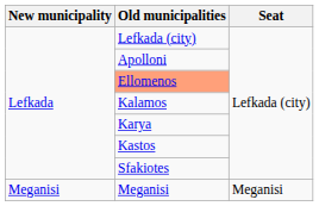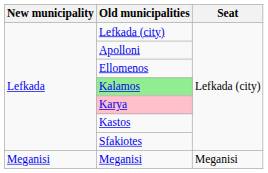 <table class="wikitable">
 <tr>
 <th>New municipality</th>
 <th>Old municipalities</th>
 <th>Seat</th>
 </tr>
 <tr>
 <td rowspan=7><a href='#'>Lefkada</a></td>
 <td><a href='#'>Lefkada (city)</a></td>
 <td rowspan=7>Lefkada (city)</td>
 </tr>
 <tr>
 <td><a href='#'>Apolloni</a></td>
 </tr>
 <tr>
-<td style="background: lightsalmon;"><a href='#'>Ellomenos</a></td>
+<td><a href='#'>Ellomenos</a></td>
 </tr>
 <tr>
-<td><a href='#'>Kalamos</a></td>
+<td style="background: lightgreen;"><a href='#'>Kalamos</a></td>
 </tr>
 <tr>
-<td><a href='#'>Karya</a></td>
+<td style="background: pink;"><a href='#'>Karya</a></td>
 </tr>
 <tr>
 <td><a href='#'>Kastos</a></td>
 </tr>
 <tr>
 <td><a href='#'>Sfakiotes</a></td>
 </tr>
 <tr>
 <td><a href='#'>Meganisi</a></td>
 <td><a href='#'>Meganisi</a></td>
 <td>Meganisi</td>
 </tr>
 </table>
